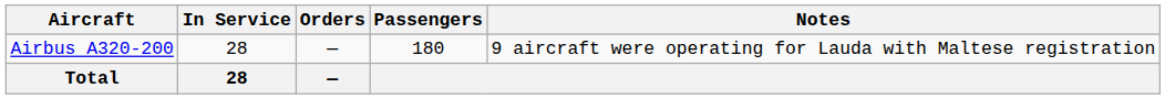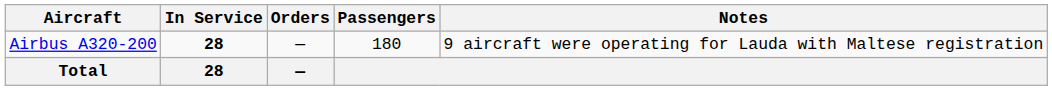 <table class="wikitable" style="border-collapse:collapse;text-align:center;margin:auto;">
 <tr>
 <th>Aircraft</th>
 <th>In Service</th>
 <th>Orders</th>
 <th>Passengers</th>
 <th>Notes</th>
 </tr>
 <tr>
 <td><a href='#'>Airbus A320-200</a></td>
-<td>28</td>
+<td><strong>28</strong></td>
 <td>—</td>
 <td>180</td>
 <td>9 aircraft were operating for Lauda with Maltese registration</td>
 </tr>
 <tr>
 <th>Total</th>
 <th>28</th>
 <th>—</th>
 <th colspan="2"></th>
 </tr>
 </table>
